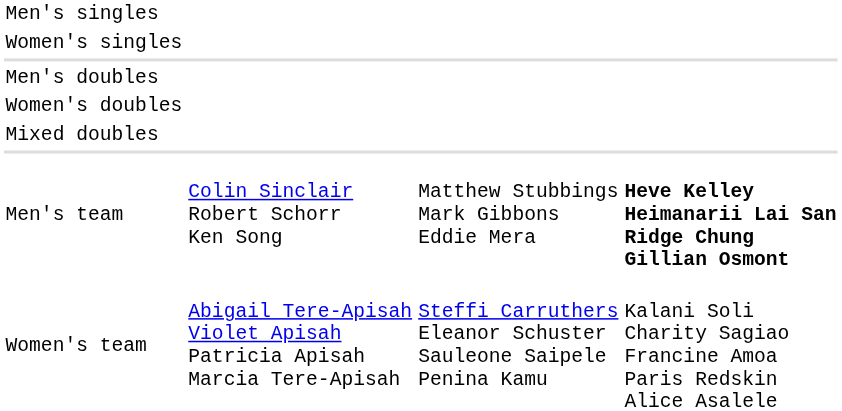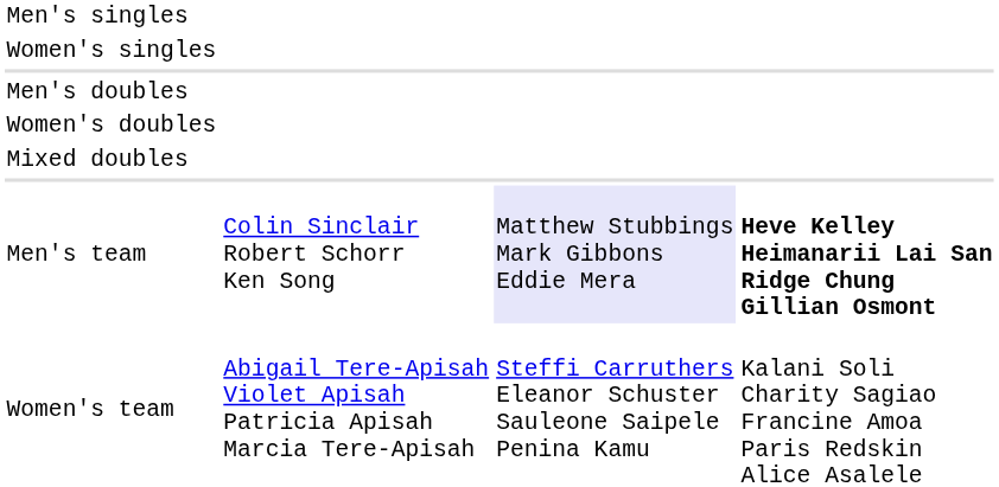 <table>
 <tr>
 <td>Men's singles</td>
 <td valign=top></td>
 <td valign=top></td>
 <td valign=top></td>
 </tr>
 <tr>
 <td>Women's singles</td>
 <td valign=top></td>
 <td valign=top></td>
 <td valign=top></td>
 </tr>
 <tr bgcolor=#DDDDDD>
 <td colspan=100%></td>
 </tr>
 <tr>
 <td>Men's doubles</td>
 <td valign=top></td>
 <td valign=top></td>
 <td valign=top nowrap></td>
 </tr>
 <tr>
 <td>Women's doubles</td>
 <td valign=top></td>
 <td valign=top nowrap></td>
 <td valign=top></td>
 </tr>
 <tr>
 <td>Mixed doubles</td>
 <td valign=top></td>
 <td valign=top></td>
 <td valign=top></td>
 </tr>
 <tr bgcolor=#DDDDDD>
 <td colspan=100%></td>
 </tr>
 <tr>
 <td>Men's team</td>
 <td valign=top nowrap><br><a href='#'>Colin Sinclair</a><br>Robert Schorr<br>Ken Song</td>
-<td valign=top><br>Matthew Stubbings<br>Mark Gibbons<br>Eddie Mera</td>
+<td valign=top style="background: lavender;"><br>Matthew Stubbings<br>Mark Gibbons<br>Eddie Mera</td>
 <td valign=top><strong><br>Heve Kelley<br>Heimanarii Lai San<br>Ridge Chung<br>Gillian Osmont</strong></td>
 </tr>
 <tr>
 <td>Women's team</td>
 <td valign=top><br><a href='#'>Abigail Tere-Apisah</a><br><a href='#'>Violet Apisah</a><br>Patricia Apisah<br>Marcia Tere-Apisah</td>
 <td valign=top><br><a href='#'>Steffi Carruthers</a><br>Eleanor Schuster<br>Sauleone Saipele<br>Penina Kamu</td>
 <td valign=top><br>Kalani Soli<br>Charity Sagiao<br>Francine Amoa<br>Paris Redskin<br>Alice Asalele</td>
 </tr>
 </table>
